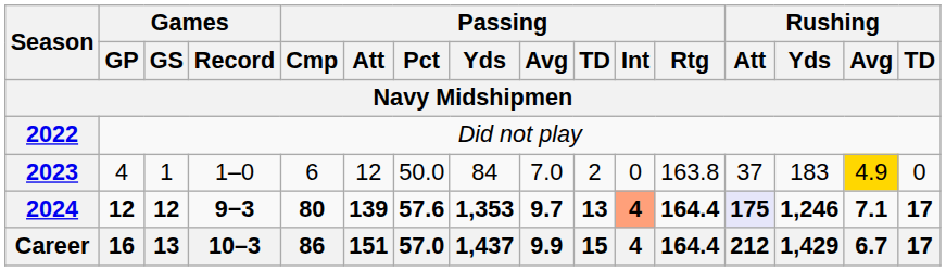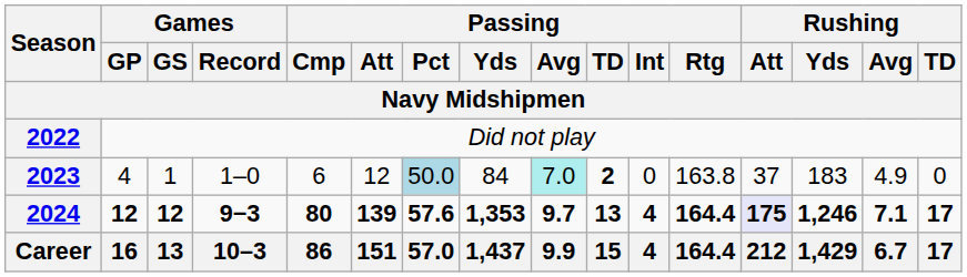 <table class="wikitable" style="text-align:center;">
 <tr>
 <th rowspan="2">Season</th>
 <th colspan="3">Games</th>
 <th colspan="8">Passing</th>
 <th colspan="5">Rushing</th>
 </tr>
 <tr>
 <th>GP</th>
 <th>GS</th>
 <th>Record</th>
 <th>Cmp</th>
 <th>Att</th>
 <th>Pct</th>
 <th>Yds</th>
 <th>Avg</th>
 <th>TD</th>
 <th>Int</th>
 <th>Rtg</th>
 <th>Att</th>
 <th>Yds</th>
 <th>Avg</th>
 <th>TD</th>
 </tr>
 <tr>
 <th colspan="16">Navy Midshipmen</th>
 </tr>
 <tr>
 <th><a href='#'>2022</a></th>
 <td colspan="15"><em>Did not play</em></td>
 </tr>
 <tr>
 <th><a href='#'>2023</a></th>
 <td>4</td>
 <td>1</td>
 <td>1–0</td>
 <td>6</td>
 <td>12</td>
-<td>50.0</td>
+<td style="background: lightblue;">50.0</td>
 <td>84</td>
-<td>7.0</td>
-<td>2</td>
+<td style="background: paleturquoise;">7.0</td>
+<td><strong>2</strong></td>
 <td>0</td>
 <td>163.8</td>
 <td>37</td>
 <td>183</td>
-<td style="background: gold;">4.9</td>
+<td>4.9</td>
 <td>0</td>
 </tr>
 <tr>
 <th><a href='#'>2024</a></th>
 <td><strong>12</strong></td>
 <td><strong>12</strong></td>
 <td><strong>9−3</strong></td>
 <td><strong>80</strong></td>
 <td><strong>139</strong></td>
 <td><strong>57.6</strong></td>
 <td><strong>1,353</strong></td>
 <td><strong>9.7</strong></td>
 <td><strong>13</strong></td>
-<td style="background: lightsalmon;"><strong>4</strong></td>
+<td><strong>4</strong></td>
 <td><strong>164.4</strong></td>
 <td style="background: lavender;"><strong>175</strong></td>
 <td><strong>1,246</strong></td>
 <td><strong>7.1</strong></td>
 <td><strong>17</strong></td>
 </tr>
 <tr>
 <th>Career</th>
 <th>16</th>
 <th>13</th>
 <th>10–3</th>
 <th>86</th>
 <th>151</th>
 <th>57.0</th>
 <th>1,437</th>
 <th>9.9</th>
 <th>15</th>
 <th>4</th>
 <th>164.4</th>
 <th>212</th>
 <th>1,429</th>
 <th>6.7</th>
 <th>17</th>
 </tr>
 </table>
